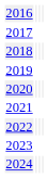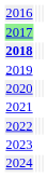 <table>
 <tr bgcolor="#EFEFEF">
 <td><a href='#'>2016</a><br></td>
 <td></td>
 <td></td>
 <td></td>
 </tr>
 <tr>
-<td><a href='#'>2017</a></td>
+<td style="background: lightgreen;"><a href='#'>2017</a></td>
 <td></td>
 <td></td>
 <td></td>
 </tr>
 <tr bgcolor="#EFEFEF">
-<td><a href='#'>2018</a></td>
+<td><strong><a href='#'>2018</a></strong></td>
 <td></td>
 <td></td>
 <td></td>
 </tr>
 <tr>
 <td><a href='#'>2019</a></td>
 <td></td>
 <td></td>
 <td></td>
 </tr>
 <tr bgcolor="#EFEFEF">
 <td><a href='#'>2020</a></td>
 <td></td>
 <td></td>
 <td></td>
 </tr>
 <tr>
 <td><a href='#'>2021</a><br></td>
 <td></td>
 <td></td>
 <td></td>
 </tr>
 <tr bgcolor="#EFEFEF">
 <td><a href='#'>2022</a><br></td>
 <td></td>
 <td></td>
 <td></td>
 </tr>
 <tr>
 <td><a href='#'>2023</a><br></td>
 <td></td>
 <td></td>
 <td></td>
 </tr>
 <tr bgcolor="#EFEFEF">
 <td><a href='#'>2024</a><br></td>
 <td></td>
 <td></td>
 <td></td>
 </tr>
 </table>
